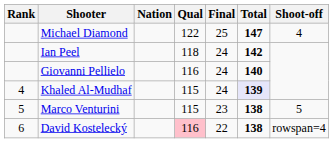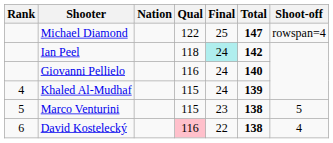 <table class="wikitable sortable" style="text-align: center">
 <tr>
 <th>Rank</th>
 <th>Shooter</th>
 <th>Nation</th>
 <th>Qual</th>
 <th>Final</th>
 <th>Total</th>
 <th>Shoot-off</th>
 </tr>
 <tr>
 <td></td>
 <td align=left><a href='#'>Michael Diamond</a></td>
 <td align=left></td>
 <td>122</td>
 <td>25</td>
 <td><strong>147</strong></td>
-<td>4</td>
+<td>rowspan=4 </td>
 </tr>
 <tr>
 <td></td>
 <td align=left><a href='#'>Ian Peel</a></td>
 <td align=left></td>
 <td>118</td>
-<td>24</td>
+<td style="background: paleturquoise;">24</td>
 <td><strong>142</strong></td>
 </tr>
 <tr>
 <td></td>
 <td align=left><a href='#'>Giovanni Pellielo</a></td>
 <td align=left></td>
 <td>116</td>
 <td>24</td>
 <td><strong>140</strong></td>
 </tr>
 <tr>
 <td>4</td>
 <td align=left><a href='#'>Khaled Al-Mudhaf</a></td>
 <td align=left></td>
 <td>115</td>
 <td>24</td>
-<td style="background: lavender;"><strong>139</strong></td>
+<td><strong>139</strong></td>
 </tr>
 <tr>
 <td>5</td>
 <td align=left><a href='#'>Marco Venturini</a></td>
 <td align=left></td>
 <td>115</td>
 <td>23</td>
 <td><strong>138</strong></td>
 <td>5</td>
 </tr>
 <tr>
 <td>6</td>
 <td align=left><a href='#'>David Kostelecký</a></td>
 <td align=left></td>
 <td style="background: pink;">116</td>
 <td>22</td>
 <td><strong>138</strong></td>
-<td>rowspan=4 </td>
+<td>4</td>
 </tr>
 </table>
